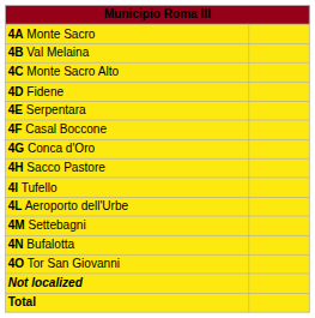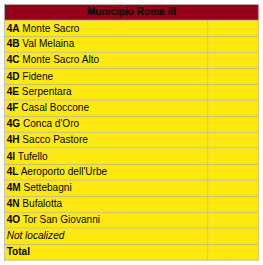 <table class="wikitable" width="32%" border=2>
 <tr>
 <td colspan="2" font size=2 align="center" bgcolor="#960018"><strong><span>Municipio Roma III</span></strong></td>
 </tr>
 <tr align="left" bgcolor="#FDE910">
 <td width="80%"><strong>4A</strong> Monte Sacro</td>
 <td width="20%" align="right"></td>
 </tr>
 <tr align="left" bgcolor="#FDE910">
 <td width="80%"><strong>4B</strong> Val Melaina</td>
 <td width="20%" align="right"></td>
 </tr>
 <tr align="left" bgcolor="#FDE910">
 <td width="80%"><strong>4C</strong> Monte Sacro Alto</td>
 <td width="20%" align="right"></td>
 </tr>
 <tr align="left" bgcolor="#FDE910">
 <td width="80%"><strong>4D</strong> Fidene</td>
 <td width="20%" align="right"></td>
 </tr>
 <tr align="left" bgcolor="#FDE910">
 <td width="80%"><strong>4E</strong> Serpentara</td>
 <td width="20%" align="right"></td>
 </tr>
 <tr align="left" bgcolor="#FDE910">
 <td width="80%"><strong>4F</strong> Casal Boccone</td>
 <td width="20%" align="right"></td>
 </tr>
 <tr align="left" bgcolor="#FDE910">
 <td width="80%"><strong>4G</strong> Conca d'Oro</td>
 <td width="20%" align="right"></td>
 </tr>
 <tr align="left" bgcolor="#FDE910">
 <td width="80%"><strong>4H</strong> Sacco Pastore</td>
 <td width="20%" align="right"></td>
 </tr>
 <tr align="left" bgcolor="#FDE910">
 <td width="80%"><strong>4I</strong> Tufello</td>
 <td width="20%" align="right"></td>
 </tr>
 <tr align="left" bgcolor="#FDE910">
 <td width="80%"><strong>4L</strong> Aeroporto dell'Urbe</td>
 <td width="20%" align="right"></td>
 </tr>
 <tr align="left" bgcolor="#FDE910">
 <td width="80%"><strong>4M</strong> Settebagni</td>
 <td width="20%" align="right"></td>
 </tr>
 <tr align="left" bgcolor="#FDE910">
 <td width="80%"><strong>4N</strong> Bufalotta</td>
 <td width="20%" align="right"></td>
 </tr>
 <tr align="left" bgcolor="#FDE910">
 <td width="80%"><strong>4O</strong> Tor San Giovanni</td>
 <td width="20%" align="right"></td>
 </tr>
 <tr align="left" bgcolor="#FDE910">
-<td width="80%"><strong><em>Not localized</em></strong></td>
+<td width="80%"><em>Not localized</em></td>
 <td width="20%" align="right"></td>
 </tr>
 <tr align="left" bgcolor="#FDE910">
 <td width="80%"><strong>Total</strong></td>
 <td width="20%" align="right"><strong></strong></td>
 </tr>
 </table>
